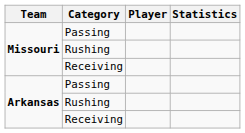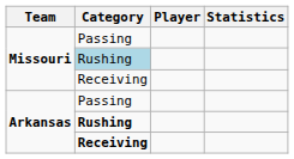 <table class="wikitable" style="float: right;">
 <tr>
 <th>Team</th>
 <th>Category</th>
 <th>Player</th>
 <th>Statistics</th>
 </tr>
 <tr>
 <td rowspan=3><strong>Missouri</strong></td>
 <td>Passing</td>
 <td></td>
 <td></td>
 </tr>
 <tr>
-<td>Rushing</td>
+<td style="background: lightblue;">Rushing</td>
 <td></td>
 <td></td>
 </tr>
 <tr>
 <td>Receiving</td>
 <td></td>
 <td></td>
 </tr>
 <tr>
 <td rowspan=3><strong>Arkansas</strong></td>
 <td>Passing</td>
 <td></td>
 <td></td>
 </tr>
 <tr>
-<td>Rushing</td>
+<td><strong>Rushing</strong></td>
 <td></td>
 <td></td>
 </tr>
 <tr>
-<td>Receiving</td>
+<td><strong>Receiving</strong></td>
 <td></td>
 <td></td>
 </tr>
 </table>
